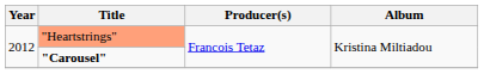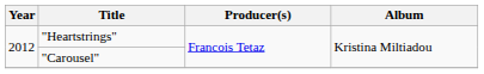 <table class="wikitable">
 <tr>
 <th width="33">Year</th>
 <th width="170">Title</th>
 <th width="170">Producer(s)</th>
 <th width="170">Album</th>
 </tr>
 <tr>
 <td rowspan="2">2012</td>
-<td style="background: lightsalmon;">"Heartstrings"</td>
+<td>"Heartstrings"</td>
 <td rowspan="2"><a href='#'>Francois Tetaz</a></td>
 <td rowspan="2">Kristina Miltiadou</td>
 </tr>
 <tr>
-<td><strong>"Carousel"</strong></td>
+<td>"Carousel"</td>
 </tr>
 <tr>
 </tr>
 </table>
